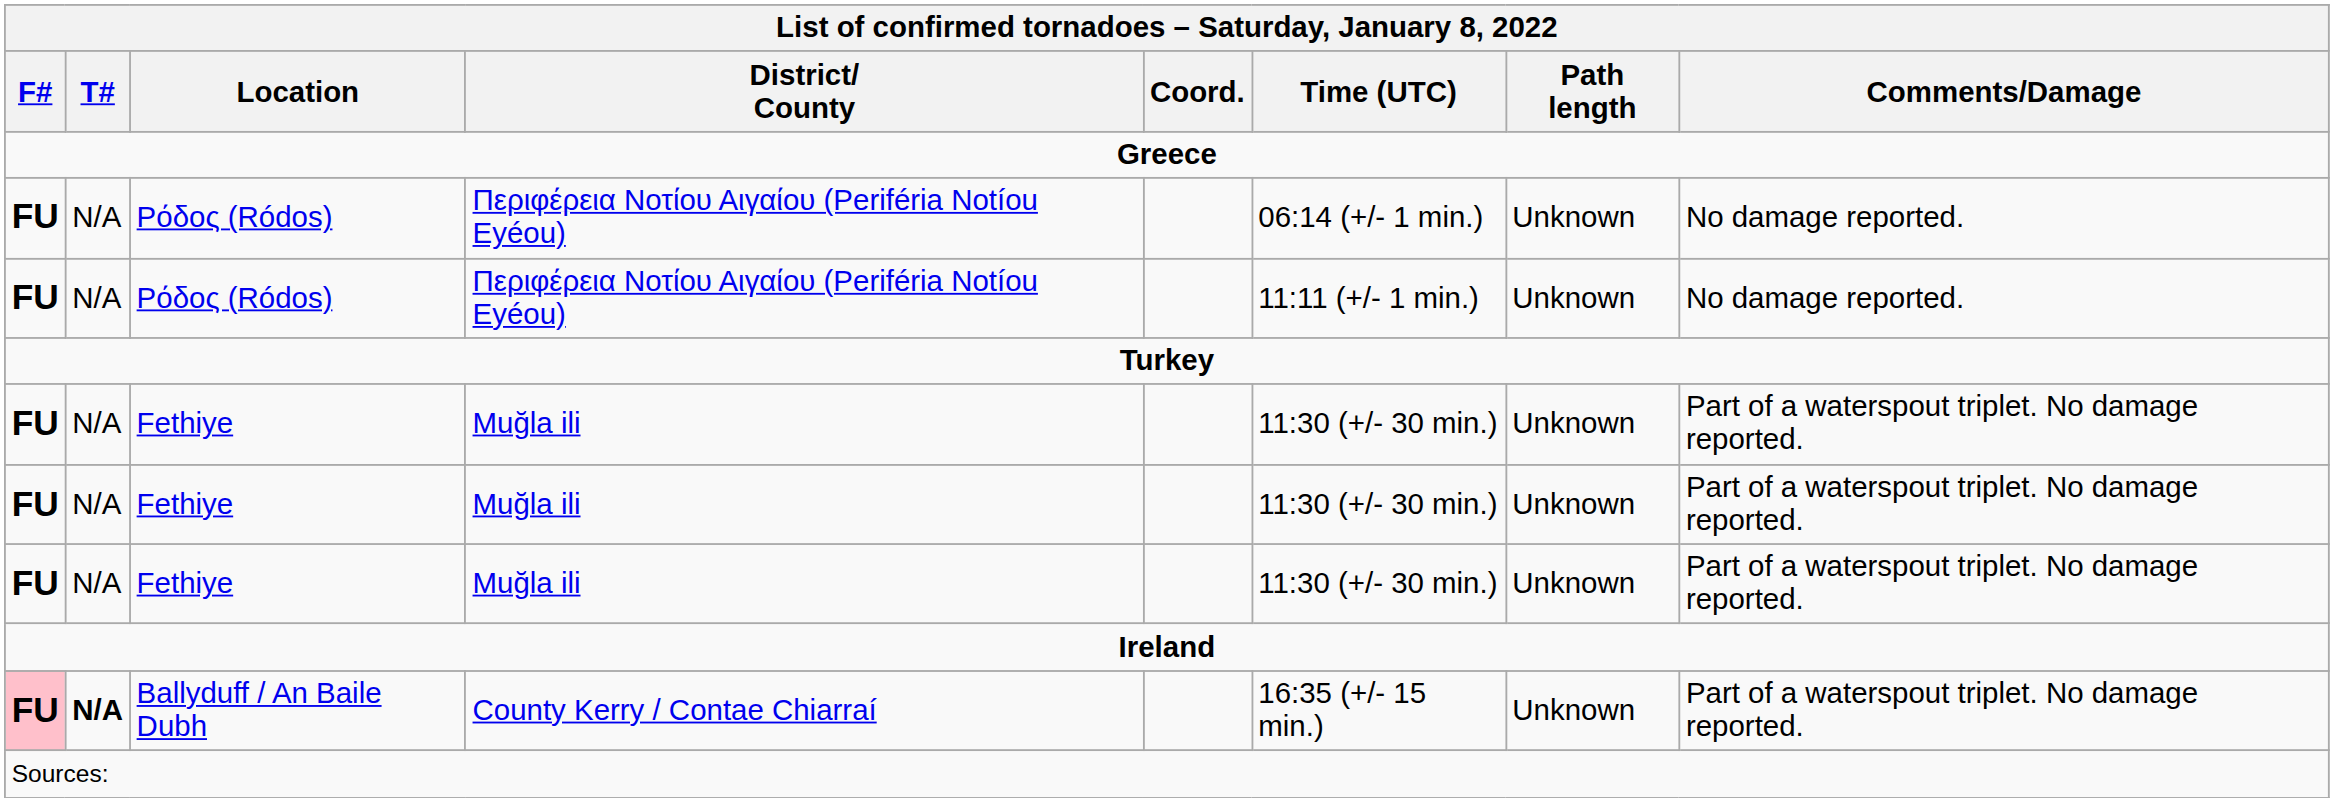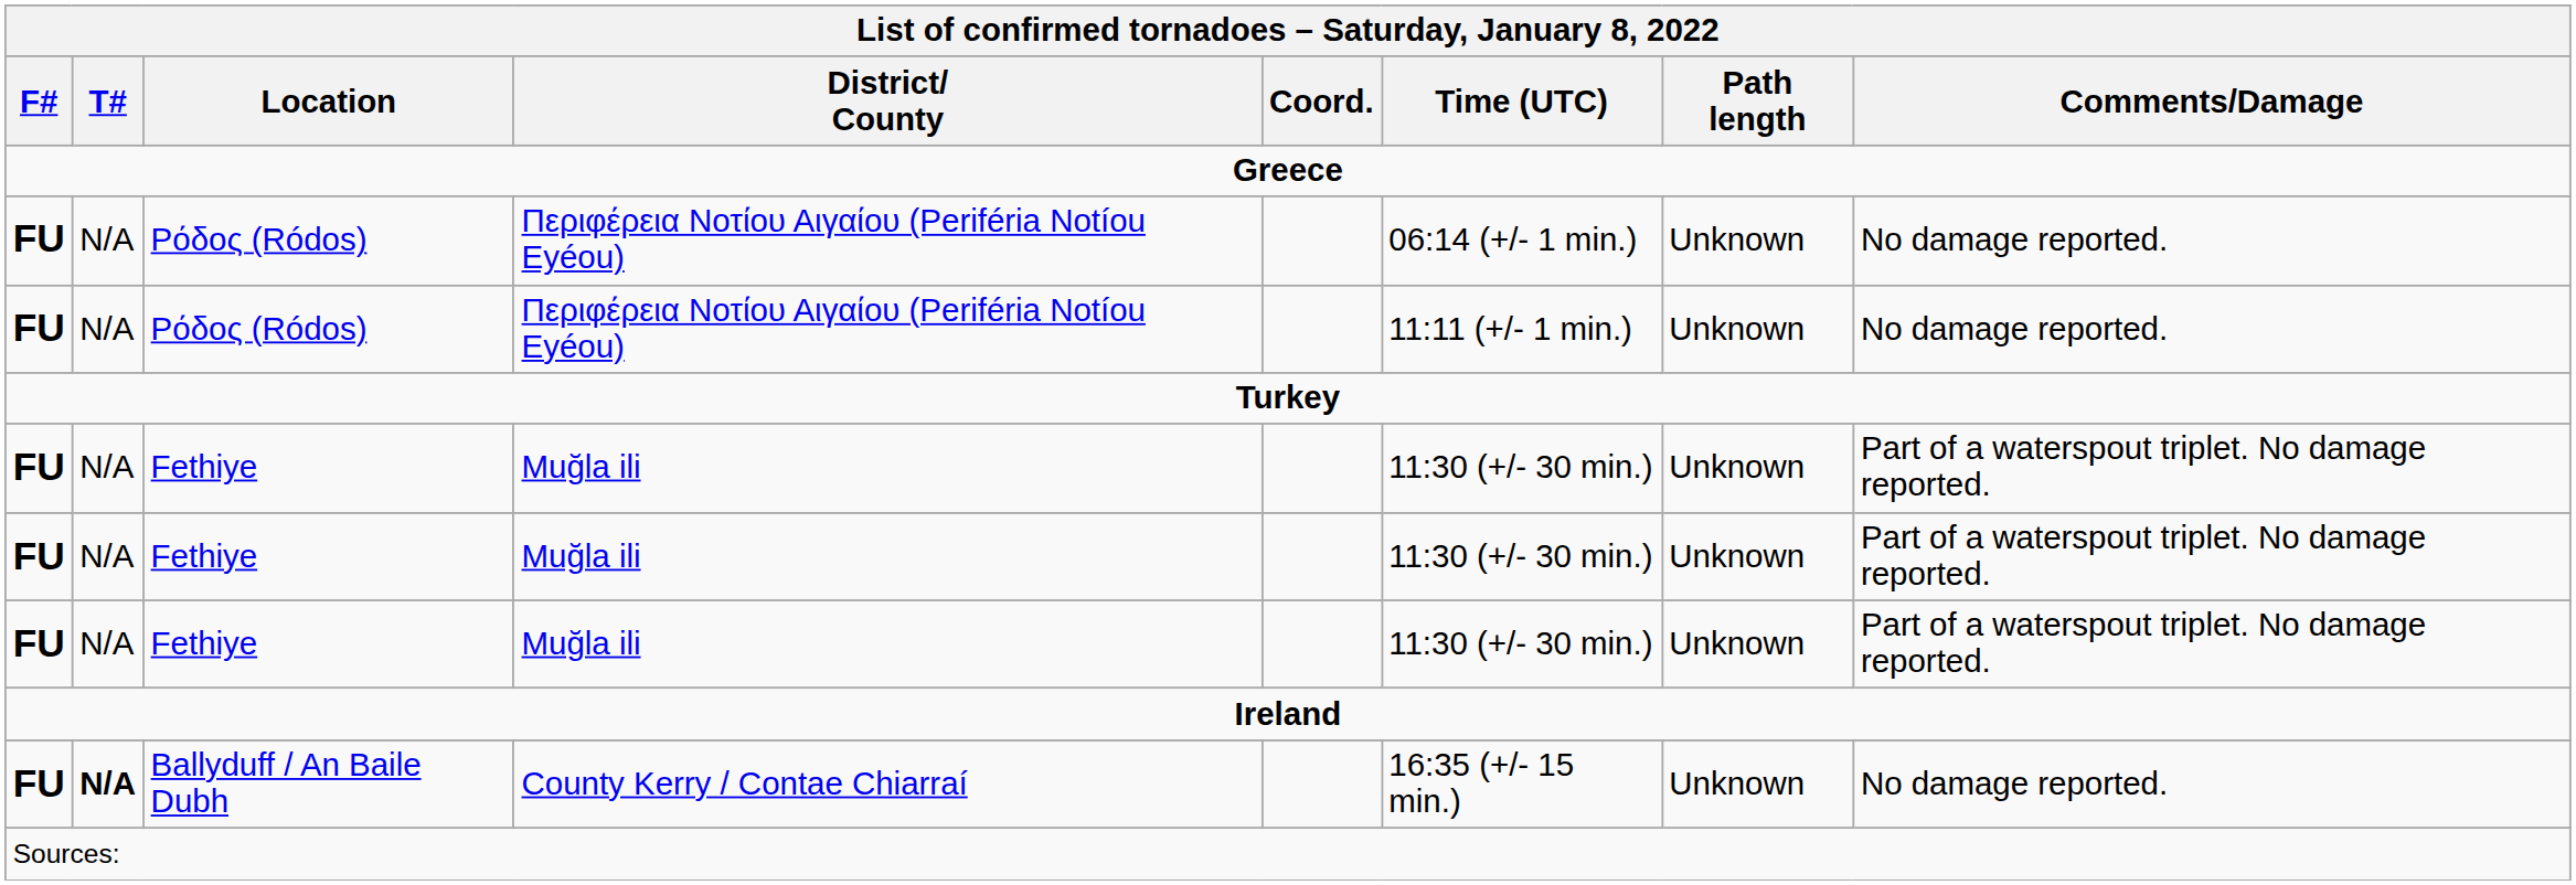 <table class="wikitable collapsible" width="100%">
 <tr>
 <th colspan="8">List of confirmed tornadoes – Saturday, January 8, 2022</th>
 </tr>
 <tr>
 <th><a href='#'>F#</a></th>
 <th><a href='#'>T#</a></th>
 <th>Location</th>
 <th>District/<br>County</th>
 <th>Coord.</th>
 <th>Time (UTC)</th>
 <th>Path length</th>
 <th>Comments/Damage</th>
 </tr>
 <tr>
 <td colspan="8" align=center><strong>Greece</strong></td>
 </tr>
 <tr>
 <td><big><strong>FU</strong></big></td>
 <td>N/A</td>
 <td><a href='#'>Ρόδος (Ródos)</a></td>
 <td><a href='#'>Περιφέρεια Νοτίου Αιγαίου (Periféria Notíou Eyéou)</a></td>
 <td></td>
 <td>06:14 (+/- 1 min.)</td>
 <td>Unknown</td>
 <td>No damage reported.</td>
 </tr>
 <tr>
 <td><big><strong>FU</strong></big></td>
 <td>N/A</td>
 <td><a href='#'>Ρόδος (Ródos)</a></td>
 <td><a href='#'>Περιφέρεια Νοτίου Αιγαίου (Periféria Notíou Eyéou)</a></td>
 <td></td>
 <td>11:11 (+/- 1 min.)</td>
 <td>Unknown</td>
 <td>No damage reported.</td>
 </tr>
 <tr>
 <td colspan="8" align=center><strong>Turkey</strong></td>
 </tr>
 <tr>
 <td><big><strong>FU</strong></big></td>
 <td>N/A</td>
 <td><a href='#'>Fethiye</a></td>
 <td><a href='#'>Muğla ili</a></td>
 <td></td>
 <td>11:30 (+/- 30 min.)</td>
 <td>Unknown</td>
 <td>Part of a waterspout triplet. No damage reported.</td>
 </tr>
 <tr>
 <td><big><strong>FU</strong></big></td>
 <td>N/A</td>
 <td><a href='#'>Fethiye</a></td>
 <td><a href='#'>Muğla ili</a></td>
 <td></td>
 <td>11:30 (+/- 30 min.)</td>
 <td>Unknown</td>
 <td>Part of a waterspout triplet. No damage reported.</td>
 </tr>
 <tr>
 <td><big><strong>FU</strong></big></td>
 <td>N/A</td>
 <td><a href='#'>Fethiye</a></td>
 <td><a href='#'>Muğla ili</a></td>
 <td></td>
 <td>11:30 (+/- 30 min.)</td>
 <td>Unknown</td>
 <td>Part of a waterspout triplet. No damage reported.</td>
 </tr>
 <tr>
 <td colspan="8" align=center><strong>Ireland</strong></td>
 </tr>
 <tr>
-<td style="background: pink;"><big><strong>FU</strong></big></td>
+<td><big><strong>FU</strong></big></td>
 <td><strong>N/A</strong></td>
 <td><a href='#'>Ballyduff / An Baile Dubh</a></td>
 <td><a href='#'>County Kerry / Contae Chiarraí</a></td>
 <td></td>
 <td>16:35 (+/- 15 min.)</td>
 <td>Unknown</td>
-<td>Part of a waterspout triplet. No damage reported.</td>
+<td>No damage reported.</td>
 </tr>
 <tr>
 <td colspan="8"><small>Sources:  </small></td>
 </tr>
 </table>
